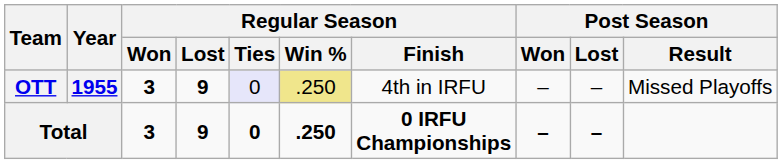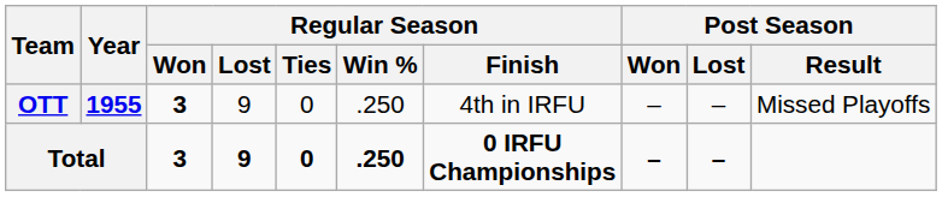 <table class="wikitable" style="font-size: 95%; text-align:center;">
 <tr>
 <th rowspan="2">Team</th>
 <th rowspan="2">Year</th>
 <th colspan="5">Regular Season</th>
 <th colspan="4">Post Season</th>
 </tr>
 <tr>
 <th>Won</th>
 <th>Lost</th>
 <th>Ties</th>
 <th>Win %</th>
 <th>Finish</th>
 <th>Won</th>
 <th>Lost</th>
 <th>Result</th>
 </tr>
 <tr>
 <th><a href='#'>OTT</a></th>
 <th><a href='#'>1955</a></th>
 <td><strong>3</strong></td>
-<td><strong>9</strong></td>
-<td style="background: lavender;">0</td>
-<td style="background: khaki;">.250</td>
+<td>9</td>
+<td>0</td>
+<td>.250</td>
 <td>4th in IRFU</td>
 <td>–</td>
 <td>–</td>
 <td>Missed Playoffs</td>
 </tr>
 <tr>
 <th colspan="2"><strong>Total</strong></th>
 <td><strong>3</strong></td>
 <td><strong>9</strong></td>
 <td><strong>0</strong></td>
 <td><strong>.250</strong></td>
 <td><strong>0 IRFU<br>Championships</strong></td>
 <td><strong>–</strong></td>
 <td><strong>–</strong></td>
 <td></td>
 </tr>
 </table>
